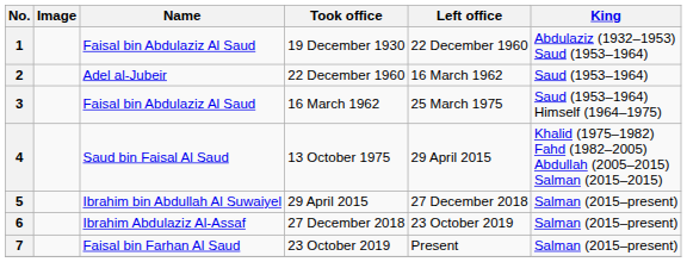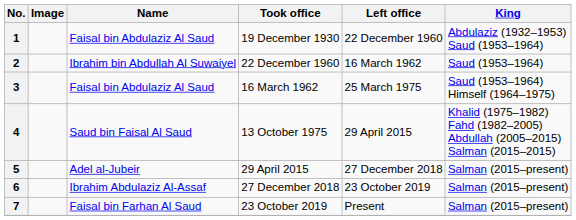 <table class="wikitable">
 <tr>
 <th>No.</th>
 <th>Image</th>
 <th>Name</th>
 <th>Took office</th>
 <th>Left office</th>
 <th><a href='#'>King</a></th>
 </tr>
 <tr>
 <th>1</th>
 <td></td>
 <td><a href='#'>Faisal bin Abdulaziz Al Saud</a></td>
 <td>19 December 1930</td>
 <td>22 December 1960</td>
 <td><a href='#'>Abdulaziz</a> (1932–1953)<br><a href='#'>Saud</a> (1953–1964)</td>
 </tr>
 <tr>
 <th>2</th>
 <td></td>
-<td><a href='#'>Adel al-Jubeir</a></td>
+<td><a href='#'>Ibrahim bin Abdullah Al Suwaiyel</a></td>
 <td>22 December 1960</td>
 <td>16 March 1962</td>
 <td><a href='#'>Saud</a> (1953–1964)</td>
 </tr>
 <tr>
 <th>3</th>
 <td></td>
 <td><a href='#'>Faisal bin Abdulaziz Al Saud</a></td>
 <td>16 March 1962</td>
 <td>25 March 1975</td>
 <td><a href='#'>Saud</a> (1953–1964)<br>Himself (1964–1975)</td>
 </tr>
 <tr>
 <th>4</th>
 <td></td>
 <td><a href='#'>Saud bin Faisal Al Saud</a></td>
 <td>13 October 1975</td>
 <td>29 April 2015</td>
 <td><a href='#'>Khalid</a> (1975–1982)<br><a href='#'>Fahd</a> (1982–2005)<br> <a href='#'>Abdullah</a> (2005–2015)<br> <a href='#'>Salman</a> (2015–2015)</td>
 </tr>
 <tr>
 <th>5</th>
 <td></td>
-<td><a href='#'>Ibrahim bin Abdullah Al Suwaiyel</a></td>
+<td><a href='#'>Adel al-Jubeir</a></td>
 <td>29 April 2015</td>
 <td>27 December 2018</td>
 <td><a href='#'>Salman</a> (2015–present)</td>
 </tr>
 <tr>
 <th>6</th>
 <td></td>
 <td><a href='#'>Ibrahim Abdulaziz Al-Assaf</a></td>
 <td>27 December 2018</td>
 <td>23 October 2019</td>
 <td><a href='#'>Salman</a> (2015–present)</td>
 </tr>
 <tr>
 <th>7</th>
 <td></td>
 <td><a href='#'>Faisal bin Farhan Al Saud</a></td>
 <td>23 October 2019</td>
 <td>Present</td>
 <td><a href='#'>Salman</a> (2015–present)</td>
 </tr>
 <tr>
 </tr>
 </table>
